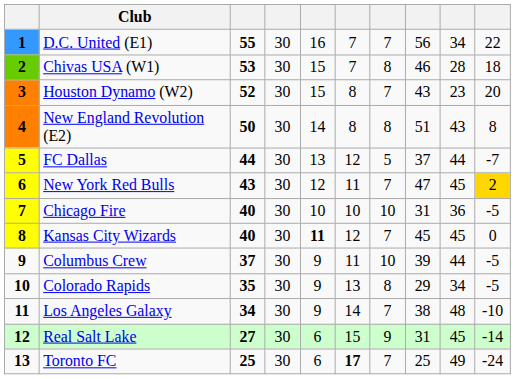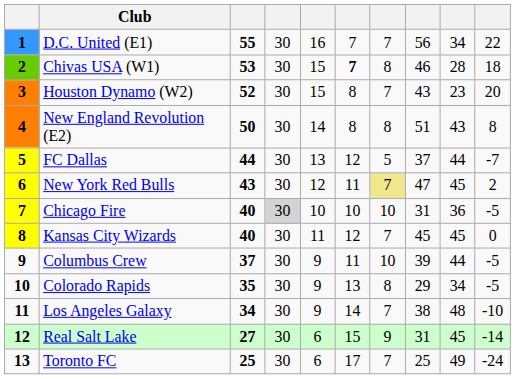 <table class="wikitable">
 <tr>
 <th width=28></th>
 <th width=185>Club</th>
 <th width=28></th>
 <th width=28></th>
 <th width=28></th>
 <th width=28></th>
 <th width=28></th>
 <th width=28></th>
 <th width=28></th>
 <th width=28></th>
 </tr>
 <tr>
 <td bgcolor=#3399FF align=center><strong>1</strong></td>
 <td><a href='#'>D.C. United</a> (E1)</td>
 <td align=center><strong>55</strong></td>
 <td align=center>30</td>
 <td align=center>16</td>
 <td align=center>7</td>
 <td align=center>7</td>
 <td align=center>56</td>
 <td align=center>34</td>
 <td align=center>22</td>
 </tr>
 <tr>
 <td bgcolor=#66CC00 align=center><strong>2</strong></td>
 <td><a href='#'>Chivas USA</a> (W1)</td>
 <td align=center><strong>53</strong></td>
 <td align=center>30</td>
 <td align=center>15</td>
-<td align=center>7</td>
+<td align=center><strong>7</strong></td>
 <td align=center>8</td>
 <td align=center>46</td>
 <td align=center>28</td>
 <td align=center>18</td>
 </tr>
 <tr>
 <td bgcolor=#FF7F00 align=center><strong>3</strong></td>
 <td><a href='#'>Houston Dynamo</a> (W2)</td>
 <td align=center><strong>52</strong></td>
 <td align=center>30</td>
 <td align=center>15</td>
 <td align=center>8</td>
 <td align=center>7</td>
 <td align=center>43</td>
 <td align=center>23</td>
 <td align=center>20</td>
 </tr>
 <tr>
 <td bgcolor=#FF7F00 align=center><strong>4</strong></td>
 <td><a href='#'>New England Revolution</a> (E2)</td>
 <td align=center><strong>50</strong></td>
 <td align=center>30</td>
 <td align=center>14</td>
 <td align=center>8</td>
 <td align=center>8</td>
 <td align=center>51</td>
 <td align=center>43</td>
 <td align=center>8</td>
 </tr>
 <tr>
 <td bgcolor=#FFFF00 align=center><strong>5</strong></td>
 <td><a href='#'>FC Dallas</a></td>
 <td align=center><strong>44</strong></td>
 <td align=center>30</td>
 <td align=center>13</td>
 <td align=center>12</td>
 <td align=center>5</td>
 <td align=center>37</td>
 <td align=center>44</td>
 <td align=center>-7</td>
 </tr>
 <tr>
 <td bgcolor=#FFFF00 align=center><strong>6</strong></td>
 <td><a href='#'>New York Red Bulls</a></td>
 <td align=center><strong>43</strong></td>
 <td align=center>30</td>
 <td align=center>12</td>
 <td align=center>11</td>
-<td align=center>7</td>
+<td align=center style="background: khaki;">7</td>
 <td align=center>47</td>
 <td align=center>45</td>
-<td align=center style="background: gold;">2</td>
+<td align=center>2</td>
 </tr>
 <tr>
 <td bgcolor=#FFFF00 align=center><strong>7</strong></td>
 <td><a href='#'>Chicago Fire</a></td>
 <td align=center><strong>40</strong></td>
-<td align=center>30</td>
+<td align=center style="background: lightgrey;">30</td>
 <td align=center>10</td>
 <td align=center>10</td>
 <td align=center>10</td>
 <td align=center>31</td>
 <td align=center>36</td>
 <td align=center>-5</td>
 </tr>
 <tr>
 <td bgcolor=#FFFF00 align=center><strong>8</strong></td>
 <td><a href='#'>Kansas City Wizards</a></td>
 <td align=center><strong>40</strong></td>
 <td align=center>30</td>
-<td align=center><strong>11</strong></td>
+<td align=center>11</td>
 <td align=center>12</td>
 <td align=center>7</td>
 <td align=center>45</td>
 <td align=center>45</td>
 <td align=center>0</td>
 </tr>
 <tr>
 <td align=center><strong>9</strong></td>
 <td><a href='#'>Columbus Crew</a></td>
 <td align=center><strong>37</strong></td>
 <td align=center>30</td>
 <td align=center>9</td>
 <td align=center>11</td>
 <td align=center>10</td>
 <td align=center>39</td>
 <td align=center>44</td>
 <td align=center>-5</td>
 </tr>
 <tr>
 <td align=center><strong>10</strong></td>
 <td><a href='#'>Colorado Rapids</a></td>
 <td align=center><strong>35</strong></td>
 <td align=center>30</td>
 <td align=center>9</td>
 <td align=center>13</td>
 <td align=center>8</td>
 <td align=center>29</td>
 <td align=center>34</td>
 <td align=center>-5</td>
 </tr>
 <tr>
 <td align=center><strong>11</strong></td>
 <td><a href='#'>Los Angeles Galaxy</a></td>
 <td align=center><strong>34</strong></td>
 <td align=center>30</td>
 <td align=center>9</td>
 <td align=center>14</td>
 <td align=center>7</td>
 <td align=center>38</td>
 <td align=center>48</td>
 <td align=center>-10</td>
 </tr>
 <tr>
 <td bgcolor=#CCFFCC align=center><strong>12</strong></td>
 <td bgcolor=#CCFFCC><a href='#'>Real Salt Lake</a></td>
 <td bgcolor=#CCFFCC align=center><strong>27</strong></td>
 <td bgcolor=#CCFFCC align=center>30</td>
 <td bgcolor=#CCFFCC align=center>6</td>
 <td bgcolor=#CCFFCC align=center>15</td>
 <td bgcolor=#CCFFCC align=center>9</td>
 <td bgcolor=#CCFFCC align=center>31</td>
 <td bgcolor=#CCFFCC align=center>45</td>
 <td bgcolor=#CCFFCC align=center>-14</td>
 </tr>
 <tr>
 <td align=center><strong>13</strong></td>
 <td><a href='#'>Toronto FC</a></td>
 <td align=center><strong>25</strong></td>
 <td align=center>30</td>
 <td align=center>6</td>
-<td align=center><strong>17</strong></td>
+<td align=center>17</td>
 <td align=center>7</td>
 <td align=center>25</td>
 <td align=center>49</td>
 <td align=center>-24</td>
 </tr>
 </table>
